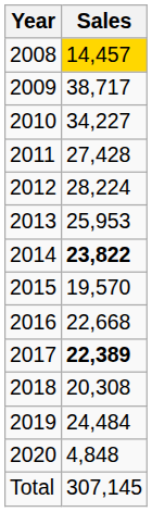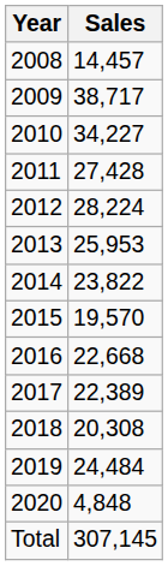 <table class="wikitable">
 <tr>
 <th>Year</th>
 <th>Sales</th>
 </tr>
 <tr>
 <td>2008</td>
-<td style="background: gold;">14,457</td>
+<td>14,457</td>
 </tr>
 <tr>
 <td>2009</td>
 <td>38,717</td>
 </tr>
 <tr>
 <td>2010</td>
 <td>34,227</td>
 </tr>
 <tr>
 <td>2011</td>
 <td>27,428</td>
 </tr>
 <tr>
 <td>2012</td>
 <td>28,224</td>
 </tr>
 <tr>
 <td>2013</td>
 <td>25,953</td>
 </tr>
 <tr>
 <td>2014</td>
-<td><strong>23,822</strong></td>
+<td>23,822</td>
 </tr>
 <tr>
 <td>2015</td>
 <td>19,570</td>
 </tr>
 <tr>
 <td>2016</td>
 <td>22,668</td>
 </tr>
 <tr>
 <td>2017</td>
-<td><strong>22,389</strong></td>
+<td>22,389</td>
 </tr>
 <tr>
 <td>2018</td>
 <td>20,308</td>
 </tr>
 <tr>
 <td>2019</td>
 <td>24,484</td>
 </tr>
 <tr>
 <td>2020</td>
 <td>4,848</td>
 </tr>
 <tr>
 <td>Total</td>
 <td>307,145</td>
 </tr>
 </table>
